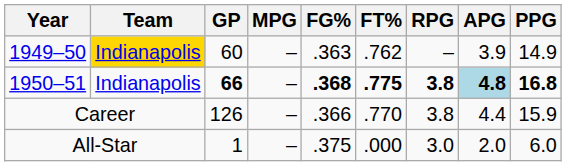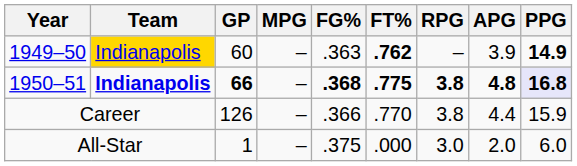 <table class="wikitable sortable" style="font-size:95%; text-align:right;">
 <tr>
 <th>Year</th>
 <th>Team</th>
 <th>GP</th>
 <th>MPG</th>
 <th>FG%</th>
 <th>FT%</th>
 <th>RPG</th>
 <th>APG</th>
 <th>PPG</th>
 </tr>
 <tr>
 <td style="text-align:left;"><a href='#'>1949–50</a></td>
 <td style="background: gold; text-align:left;"><a href='#'>Indianapolis</a></td>
 <td>60</td>
 <td>–</td>
 <td>.363</td>
-<td>.762</td>
+<td><strong>.762</strong></td>
 <td>–</td>
 <td>3.9</td>
-<td>14.9</td>
+<td><strong>14.9</strong></td>
 </tr>
 <tr>
 <td style="text-align:left;"><a href='#'>1950–51</a></td>
-<td style="text-align:left;"><a href='#'>Indianapolis</a></td>
+<td style="text-align:left;"><strong><a href='#'>Indianapolis</a></strong></td>
 <td><strong>66</strong></td>
 <td>–</td>
 <td><strong>.368</strong></td>
 <td><strong>.775</strong></td>
 <td><strong>3.8</strong></td>
-<td style="background: lightblue;"><strong>4.8</strong></td>
-<td><strong>16.8</strong></td>
+<td><strong>4.8</strong></td>
+<td style="background: lavender;"><strong>16.8</strong></td>
 </tr>
 <tr class="sortbottom">
 <td colspan="2" style="text-align:center;">Career</td>
 <td>126</td>
 <td>–</td>
 <td>.366</td>
 <td>.770</td>
 <td>3.8</td>
 <td>4.4</td>
 <td>15.9</td>
 </tr>
 <tr class="sortbottom">
 <td colspan="2" style="text-align:center;">All-Star</td>
 <td>1</td>
 <td>–</td>
 <td>.375</td>
 <td>.000</td>
 <td>3.0</td>
 <td>2.0</td>
 <td>6.0</td>
 </tr>
 </table>
